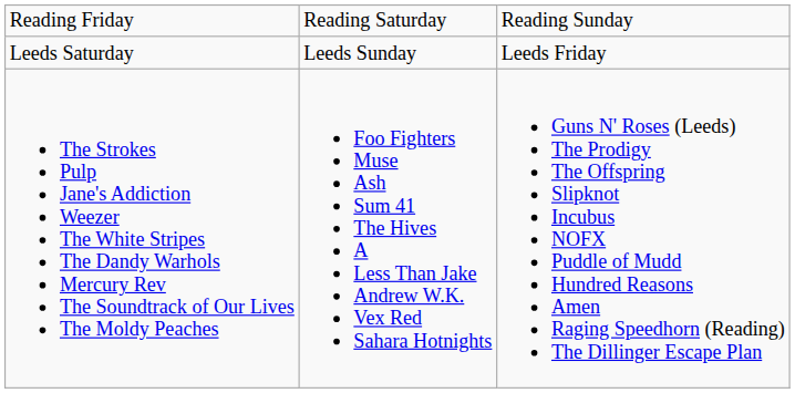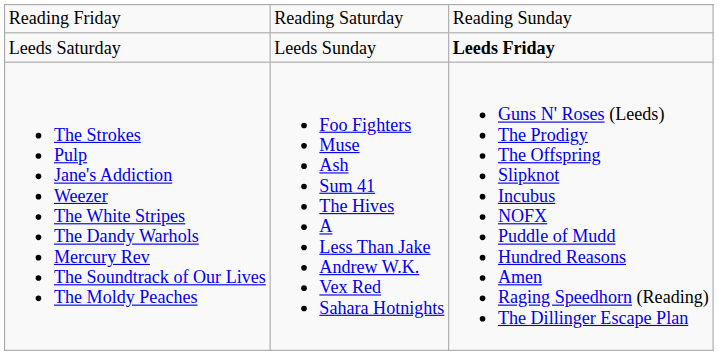 <table class="wikitable">
 <tr>
 <td>Reading Friday</td>
 <td>Reading Saturday</td>
 <td>Reading Sunday</td>
 </tr>
 <tr>
 <td>Leeds Saturday</td>
 <td>Leeds Sunday</td>
-<td>Leeds Friday</td>
+<td><strong>Leeds Friday</strong></td>
 </tr>
 <tr>
 <td><br><ul><li><a href='#'>The Strokes</a></li><li><a href='#'>Pulp</a></li><li><a href='#'>Jane's Addiction</a></li><li><a href='#'>Weezer</a></li><li><a href='#'>The White Stripes</a></li><li><a href='#'>The Dandy Warhols</a></li><li><a href='#'>Mercury Rev</a></li><li><a href='#'>The Soundtrack of Our Lives</a></li><li><a href='#'>The Moldy Peaches</a></li></ul></td>
 <td><br><ul><li><a href='#'>Foo Fighters</a></li><li><a href='#'>Muse</a></li><li><a href='#'>Ash</a></li><li><a href='#'>Sum 41</a></li><li><a href='#'>The Hives</a></li><li><a href='#'>A</a></li><li><a href='#'>Less Than Jake</a></li><li><a href='#'>Andrew W.K.</a></li><li><a href='#'>Vex Red</a></li><li><a href='#'>Sahara Hotnights</a></li></ul></td>
 <td><br><ul><li><a href='#'>Guns N' Roses</a> (Leeds)</li><li><a href='#'>The Prodigy</a></li><li><a href='#'>The Offspring</a></li><li><a href='#'>Slipknot</a></li><li><a href='#'>Incubus</a></li><li><a href='#'>NOFX</a></li><li><a href='#'>Puddle of Mudd</a></li><li><a href='#'>Hundred Reasons</a></li><li><a href='#'>Amen</a></li><li><a href='#'>Raging Speedhorn</a> (Reading)</li><li><a href='#'>The Dillinger Escape Plan</a></li></ul></td>
 </tr>
 </table>
